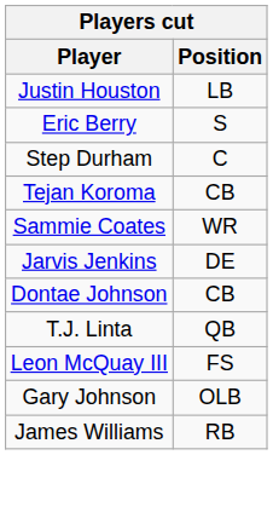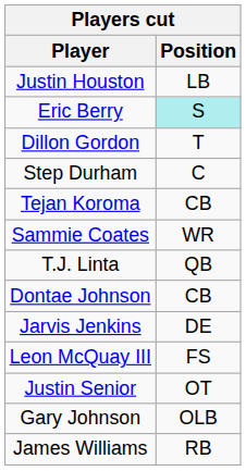 <table class="wikitable" style="text-align:center">
 <tr>
 <th colspan=2>Players cut</th>
 </tr>
 <tr>
 <th>Player</th>
 <th>Position</th>
 </tr>
 <tr>
 <td><a href='#'>Justin Houston</a></td>
 <td>LB</td>
 </tr>
 <tr>
 <td><a href='#'>Eric Berry</a></td>
-<td>S</td>
+<td style="background: paleturquoise;">S</td>
+</tr>
+<tr>
+<td><a href='#'>Dillon Gordon</a></td>
+<td>T</td>
 </tr>
 <tr>
 <td>Step Durham</td>
 <td>C</td>
 </tr>
 <tr>
 <td><a href='#'>Tejan Koroma</a></td>
 <td>CB</td>
 </tr>
 <tr>
 <td><a href='#'>Sammie Coates</a></td>
 <td>WR</td>
 </tr>
 <tr>
-<td><a href='#'>Jarvis Jenkins</a></td>
-<td>DE</td>
+<td>T.J. Linta</td>
+<td>QB</td>
 </tr>
 <tr>
 <td><a href='#'>Dontae Johnson</a></td>
 <td>CB</td>
 </tr>
 <tr>
-<td>T.J. Linta</td>
-<td>QB</td>
+<td><a href='#'>Jarvis Jenkins</a></td>
+<td>DE</td>
 </tr>
 <tr>
 <td><a href='#'>Leon McQuay III</a></td>
 <td>FS</td>
+</tr>
+<tr>
+<td><a href='#'>Justin Senior</a></td>
+<td>OT</td>
 </tr>
 <tr>
 <td>Gary Johnson</td>
 <td>OLB</td>
 </tr>
 <tr>
 <td>James Williams</td>
 <td>RB</td>
 </tr>
 </table>
